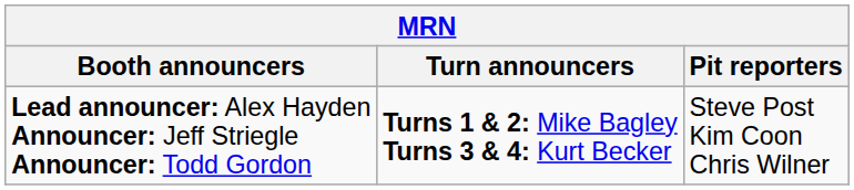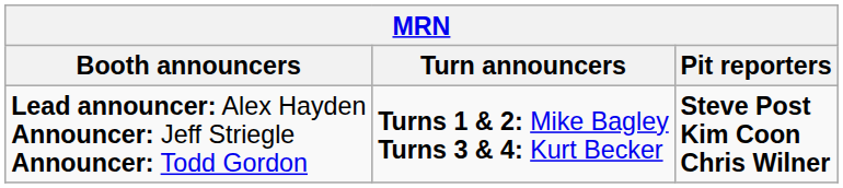 <table class="wikitable" style="font-size: 95%">
 <tr>
 <th colspan="3"><a href='#'>MRN</a></th>
 </tr>
 <tr>
 <th>Booth announcers</th>
 <th>Turn announcers</th>
 <th>Pit reporters</th>
 </tr>
 <tr>
 <td><strong>Lead announcer:</strong> Alex Hayden<br><strong>Announcer:</strong> Jeff Striegle<br><strong>Announcer:</strong> <a href='#'>Todd Gordon</a></td>
 <td><strong>Turns 1 & 2:</strong> <a href='#'>Mike Bagley</a><br><strong>Turns 3 & 4:</strong> <a href='#'>Kurt Becker</a></td>
-<td>Steve Post<br>Kim Coon<br>Chris Wilner</td>
+<td><strong>Steve Post<br>Kim Coon<br>Chris Wilner</strong></td>
 </tr>
 </table>
